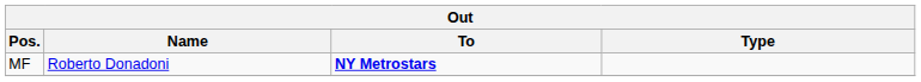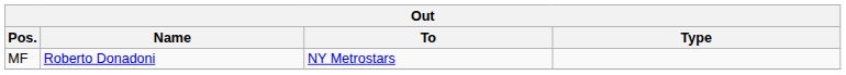 <table class="wikitable" style="font-size:90%;width:99%;">
 <tr>
 <th colspan="4">Out</th>
 </tr>
 <tr>
 <th width=3%>Pos.</th>
 <th width=32%>Name</th>
 <th width=30%>To</th>
 <th width=35%>Type</th>
 </tr>
 <tr>
 <td>MF</td>
 <td><a href='#'>Roberto Donadoni</a></td>
-<td><strong><a href='#'>NY Metrostars</a></strong></td>
+<td><a href='#'>NY Metrostars</a></td>
 <td></td>
 </tr>
 <tr>
 </tr>
 </table>
